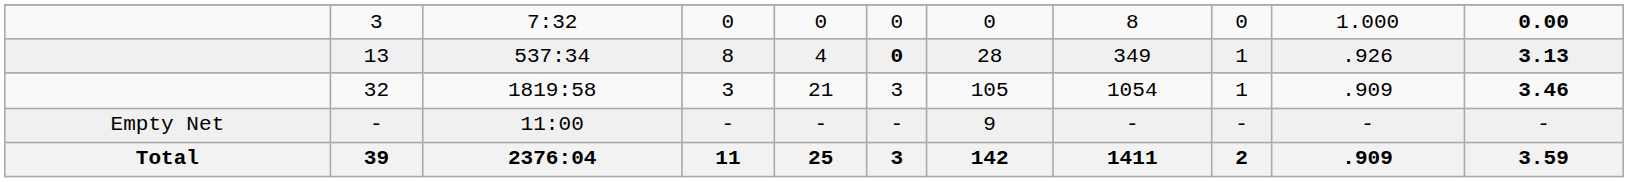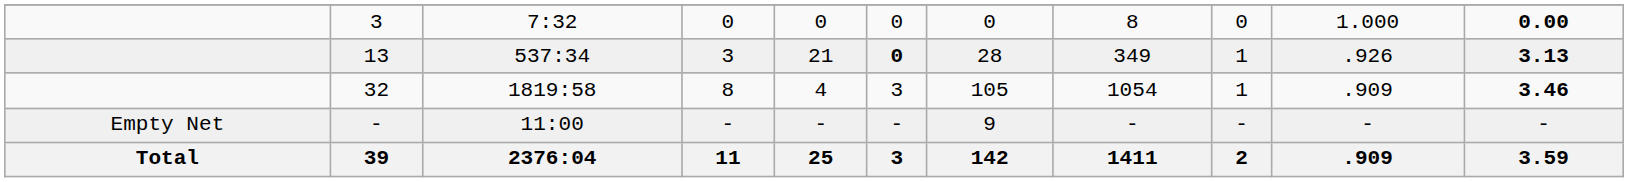 <table class="wikitable sortable" width ="1000">
 <tr align="center">
 </tr>
 <tr align="center">
 <td></td>
 <td>3</td>
 <td>7:32</td>
 <td>0</td>
 <td>0</td>
 <td>0</td>
 <td>0</td>
 <td>8</td>
 <td>0</td>
 <td>1.000</td>
 <td><strong>0.00</strong></td>
 </tr>
 <tr align="center" bgcolor="f0f0f0">
 <td></td>
 <td>13</td>
 <td>537:34</td>
-<td>8</td>
-<td>4</td>
+<td>3</td>
+<td>21</td>
 <td><strong>0</strong></td>
 <td>28</td>
 <td>349</td>
 <td>1</td>
 <td>.926</td>
 <td><strong>3.13</strong></td>
 </tr>
 <tr align="center" bgcolor="">
 <td></td>
 <td>32</td>
 <td>1819:58</td>
-<td>3</td>
-<td>21</td>
+<td>8</td>
+<td>4</td>
 <td>3</td>
 <td>105</td>
 <td>1054</td>
 <td>1</td>
 <td>.909</td>
 <td><strong>3.46</strong></td>
 </tr>
 <tr align="center" bgcolor="f0f0f0">
 <td>Empty Net</td>
 <td>-</td>
 <td>11:00</td>
 <td>-</td>
 <td>-</td>
 <td>-</td>
 <td>9</td>
 <td>-</td>
 <td>-</td>
 <td>-</td>
 <td>-</td>
 </tr>
 <tr>
 <th>Total</th>
 <th>39</th>
 <th>2376:04</th>
 <th>11</th>
 <th>25</th>
 <th>3</th>
 <th>142</th>
 <th>1411</th>
 <th>2</th>
 <th>.909</th>
 <th>3.59</th>
 </tr>
 </table>
